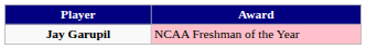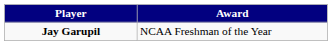 <table class="wikitable" style="text-align: left">
 <tr>
 <th style="color: white; background-color: #020080; width:180px">Player</th>
 <th style="color: white; background-color: #020080; width:260px">Award</th>
 </tr>
 <tr>
 <td style="text-align:center;"><strong>Jay Garupil</strong></td>
-<td style="background: pink;">NCAA Freshman of the Year</td>
+<td>NCAA Freshman of the Year</td>
 </tr>
 </table>
